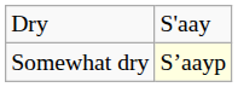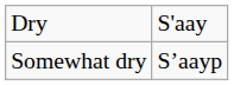 <table class="wikitable">
 <tr>
 <td>Dry</td>
 <td>S'aay</td>
 </tr>
 <tr>
 <td>Somewhat dry</td>
-<td style="background: lightyellow;">S’aayp</td>
+<td>S’aayp</td>
 </tr>
 </table>
